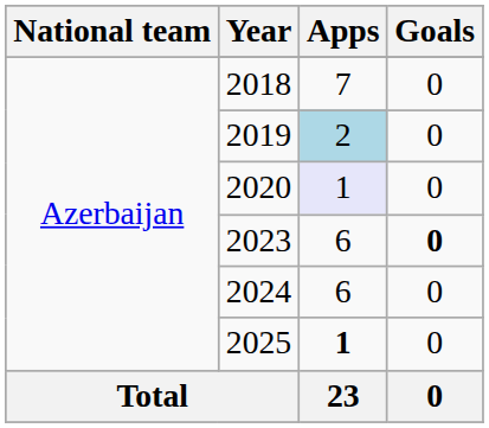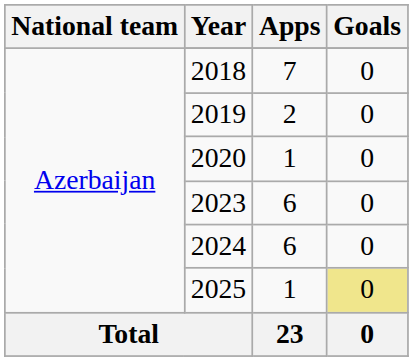 <table class="wikitable" style="text-align:center">
 <tr>
 <th>National team</th>
 <th>Year</th>
 <th>Apps</th>
 <th>Goals</th>
 </tr>
 <tr>
 <td rowspan="7"><a href='#'>Azerbaijan</a></td>
 </tr>
 <tr>
 <td>2018</td>
 <td>7</td>
 <td>0</td>
 </tr>
 <tr>
 <td>2019</td>
-<td style="background: lightblue;">2</td>
+<td>2</td>
 <td>0</td>
 </tr>
 <tr>
 <td>2020</td>
-<td style="background: lavender;">1</td>
+<td>1</td>
 <td>0</td>
 </tr>
 <tr>
 <td>2023</td>
 <td>6</td>
-<td><strong>0</strong></td>
+<td>0</td>
 </tr>
 <tr>
 <td>2024</td>
 <td>6</td>
 <td>0</td>
 </tr>
 <tr>
 <td>2025</td>
-<td><strong>1</strong></td>
-<td>0</td>
+<td>1</td>
+<td style="background: khaki;">0</td>
 </tr>
 <tr>
 <th colspan="2">Total</th>
 <th>23</th>
 <th>0</th>
 </tr>
 </table>
